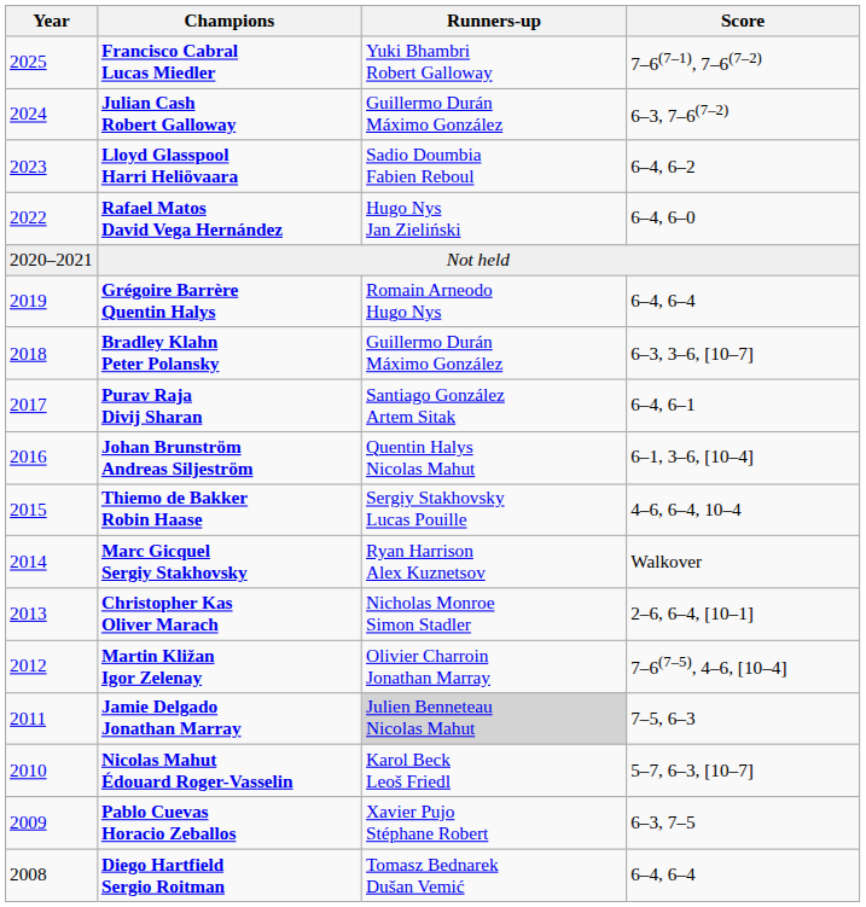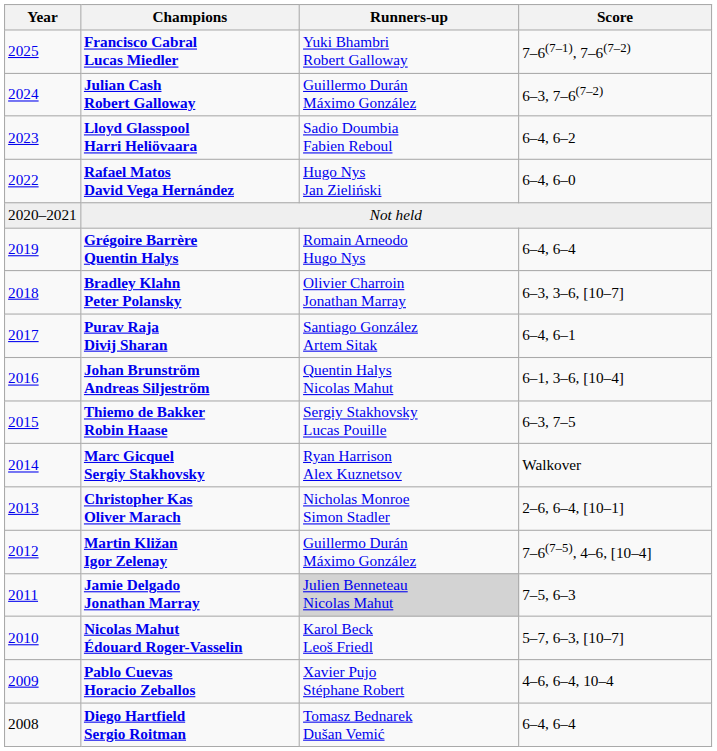 <table class="wikitable" style="font-size:90%">
 <tr>
 <th>Year</th>
 <th width="200">Champions</th>
 <th width="200">Runners-up</th>
 <th width="175">Score</th>
 </tr>
 <tr>
 <td><a href='#'>2025</a></td>
 <td> <strong><a href='#'>Francisco Cabral</a></strong><br> <strong><a href='#'>Lucas Miedler</a></strong></td>
 <td> <a href='#'>Yuki Bhambri</a><br> <a href='#'>Robert Galloway</a></td>
 <td>7–6<sup>(7–1)</sup>, 7–6<sup>(7–2)</sup></td>
 </tr>
 <tr>
 <td><a href='#'>2024</a></td>
 <td> <strong><a href='#'>Julian Cash</a></strong><br> <strong><a href='#'>Robert Galloway</a></strong></td>
 <td> <a href='#'>Guillermo Durán</a><br> <a href='#'>Máximo González</a></td>
 <td>6–3, 7–6<sup>(7–2)</sup></td>
 </tr>
 <tr>
 <td><a href='#'>2023</a></td>
 <td> <strong><a href='#'>Lloyd Glasspool</a></strong><br> <strong><a href='#'>Harri Heliövaara</a></strong></td>
 <td> <a href='#'>Sadio Doumbia</a><br> <a href='#'>Fabien Reboul</a></td>
 <td>6–4, 6–2</td>
 </tr>
 <tr>
 <td><a href='#'>2022</a></td>
 <td> <strong><a href='#'>Rafael Matos</a></strong><br> <strong><a href='#'>David Vega Hernández</a></strong></td>
 <td> <a href='#'>Hugo Nys</a><br> <a href='#'>Jan Zieliński</a></td>
 <td>6–4, 6–0</td>
 </tr>
 <tr>
 <td style="background:#efefef">2020–2021</td>
 <td colspan=3 align=center style="background:#efefef"><em>Not held</em></td>
 </tr>
 <tr>
 <td><a href='#'>2019</a></td>
 <td> <strong><a href='#'>Grégoire Barrère</a></strong><br> <strong><a href='#'>Quentin Halys</a></strong></td>
 <td> <a href='#'>Romain Arneodo</a><br> <a href='#'>Hugo Nys</a></td>
 <td>6–4, 6–4</td>
 </tr>
 <tr>
 <td><a href='#'>2018</a></td>
 <td> <strong><a href='#'>Bradley Klahn</a></strong><br> <strong><a href='#'>Peter Polansky</a></strong></td>
-<td> <a href='#'>Guillermo Durán</a><br> <a href='#'>Máximo González</a></td>
+<td> <a href='#'>Olivier Charroin</a><br> <a href='#'>Jonathan Marray</a></td>
 <td>6–3, 3–6, [10–7]</td>
 </tr>
 <tr>
 <td><a href='#'>2017</a></td>
 <td> <strong><a href='#'>Purav Raja</a></strong><br> <strong><a href='#'>Divij Sharan</a></strong></td>
 <td> <a href='#'>Santiago González</a><br> <a href='#'>Artem Sitak</a></td>
 <td>6–4, 6–1</td>
 </tr>
 <tr>
 <td><a href='#'>2016</a></td>
 <td> <strong><a href='#'>Johan Brunström</a></strong><br> <strong><a href='#'>Andreas Siljeström</a></strong></td>
 <td> <a href='#'>Quentin Halys</a><br> <a href='#'>Nicolas Mahut</a></td>
 <td>6–1, 3–6, [10–4]</td>
 </tr>
 <tr>
 <td><a href='#'>2015</a></td>
 <td> <strong><a href='#'>Thiemo de Bakker</a></strong><br> <strong><a href='#'>Robin Haase</a></strong></td>
 <td> <a href='#'>Sergiy Stakhovsky</a><br> <a href='#'>Lucas Pouille</a></td>
-<td>4–6, 6–4, 10–4</td>
+<td>6–3, 7–5</td>
 </tr>
 <tr>
 <td><a href='#'>2014</a></td>
 <td> <strong><a href='#'>Marc Gicquel</a></strong><br> <strong><a href='#'>Sergiy Stakhovsky</a></strong></td>
 <td> <a href='#'>Ryan Harrison</a><br> <a href='#'>Alex Kuznetsov</a></td>
 <td>Walkover</td>
 </tr>
 <tr>
 <td><a href='#'>2013</a></td>
 <td> <strong><a href='#'>Christopher Kas</a></strong><br> <strong><a href='#'>Oliver Marach</a></strong></td>
 <td> <a href='#'>Nicholas Monroe</a><br> <a href='#'>Simon Stadler</a></td>
 <td>2–6, 6–4, [10–1]</td>
 </tr>
 <tr>
 <td><a href='#'>2012</a></td>
 <td> <strong><a href='#'>Martin Kližan</a></strong><br> <strong><a href='#'>Igor Zelenay</a></strong></td>
-<td> <a href='#'>Olivier Charroin</a><br> <a href='#'>Jonathan Marray</a></td>
+<td> <a href='#'>Guillermo Durán</a><br> <a href='#'>Máximo González</a></td>
 <td>7–6<sup>(7–5)</sup>, 4–6, [10–4]</td>
 </tr>
 <tr>
 <td><a href='#'>2011</a></td>
 <td> <strong><a href='#'>Jamie Delgado</a></strong><br> <strong><a href='#'>Jonathan Marray</a></strong></td>
 <td style="background: lightgrey;"> <a href='#'>Julien Benneteau</a><br> <a href='#'>Nicolas Mahut</a></td>
 <td>7–5, 6–3</td>
 </tr>
 <tr>
 <td><a href='#'>2010</a></td>
 <td> <strong><a href='#'>Nicolas Mahut</a></strong><br> <strong><a href='#'>Édouard Roger-Vasselin</a></strong></td>
 <td> <a href='#'>Karol Beck</a> <br>  <a href='#'>Leoš Friedl</a></td>
 <td>5–7, 6–3, [10–7]</td>
 </tr>
 <tr>
 <td><a href='#'>2009</a></td>
 <td> <strong><a href='#'>Pablo Cuevas</a></strong><br> <strong><a href='#'>Horacio Zeballos</a></strong></td>
 <td> <a href='#'>Xavier Pujo</a><br> <a href='#'>Stéphane Robert</a></td>
-<td>6–3, 7–5</td>
+<td>4–6, 6–4, 10–4</td>
 </tr>
 <tr>
 <td>2008</td>
 <td> <strong><a href='#'>Diego Hartfield</a></strong><br> <strong><a href='#'>Sergio Roitman</a></strong></td>
 <td> <a href='#'>Tomasz Bednarek</a><br> <a href='#'>Dušan Vemić</a></td>
 <td>6–4, 6–4</td>
 </tr>
 </table>
